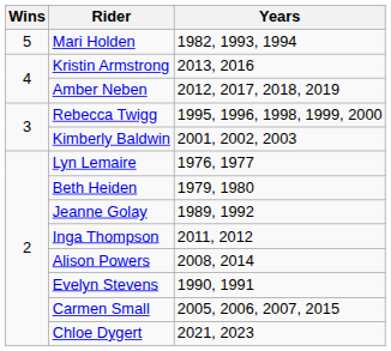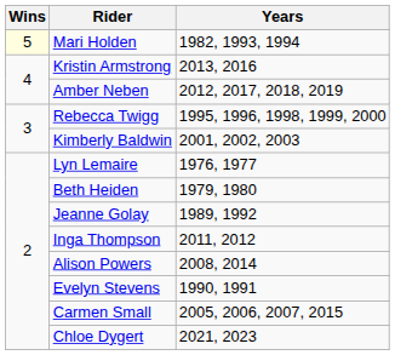 <table class="wikitable">
 <tr>
 <th>Wins</th>
 <th>Rider</th>
 <th>Years</th>
 </tr>
 <tr>
-<td align=center>5</td>
+<td align=center style="background: lightyellow;">5</td>
 <td><a href='#'>Mari Holden</a></td>
 <td>1982, 1993, 1994</td>
 </tr>
 <tr>
 <td align="center" rowspan="2">4</td>
 <td><a href='#'>Kristin Armstrong</a></td>
 <td>2013, 2016</td>
 </tr>
 <tr>
 <td><a href='#'>Amber Neben</a></td>
 <td>2012, 2017, 2018, 2019</td>
 </tr>
 <tr>
 <td align="center" rowspan="2">3</td>
 <td><a href='#'>Rebecca Twigg</a></td>
 <td>1995, 1996, 1998, 1999, 2000</td>
 </tr>
 <tr>
 <td><a href='#'>Kimberly Baldwin</a></td>
 <td>2001, 2002, 2003</td>
 </tr>
 <tr>
 <td align="center" rowspan="8">2</td>
 <td><a href='#'>Lyn Lemaire</a></td>
 <td>1976, 1977</td>
 </tr>
 <tr>
 <td><a href='#'>Beth Heiden</a></td>
 <td>1979, 1980</td>
 </tr>
 <tr>
 <td><a href='#'>Jeanne Golay</a></td>
 <td>1989, 1992</td>
 </tr>
 <tr>
 <td><a href='#'>Inga Thompson</a></td>
 <td>2011, 2012</td>
 </tr>
 <tr>
 <td><a href='#'>Alison Powers</a></td>
 <td>2008, 2014</td>
 </tr>
 <tr>
 <td><a href='#'>Evelyn Stevens</a></td>
 <td>1990, 1991</td>
 </tr>
 <tr>
 <td><a href='#'>Carmen Small</a></td>
 <td>2005, 2006, 2007, 2015</td>
 </tr>
 <tr>
 <td><a href='#'>Chloe Dygert</a></td>
 <td>2021, 2023</td>
 </tr>
 </table>
